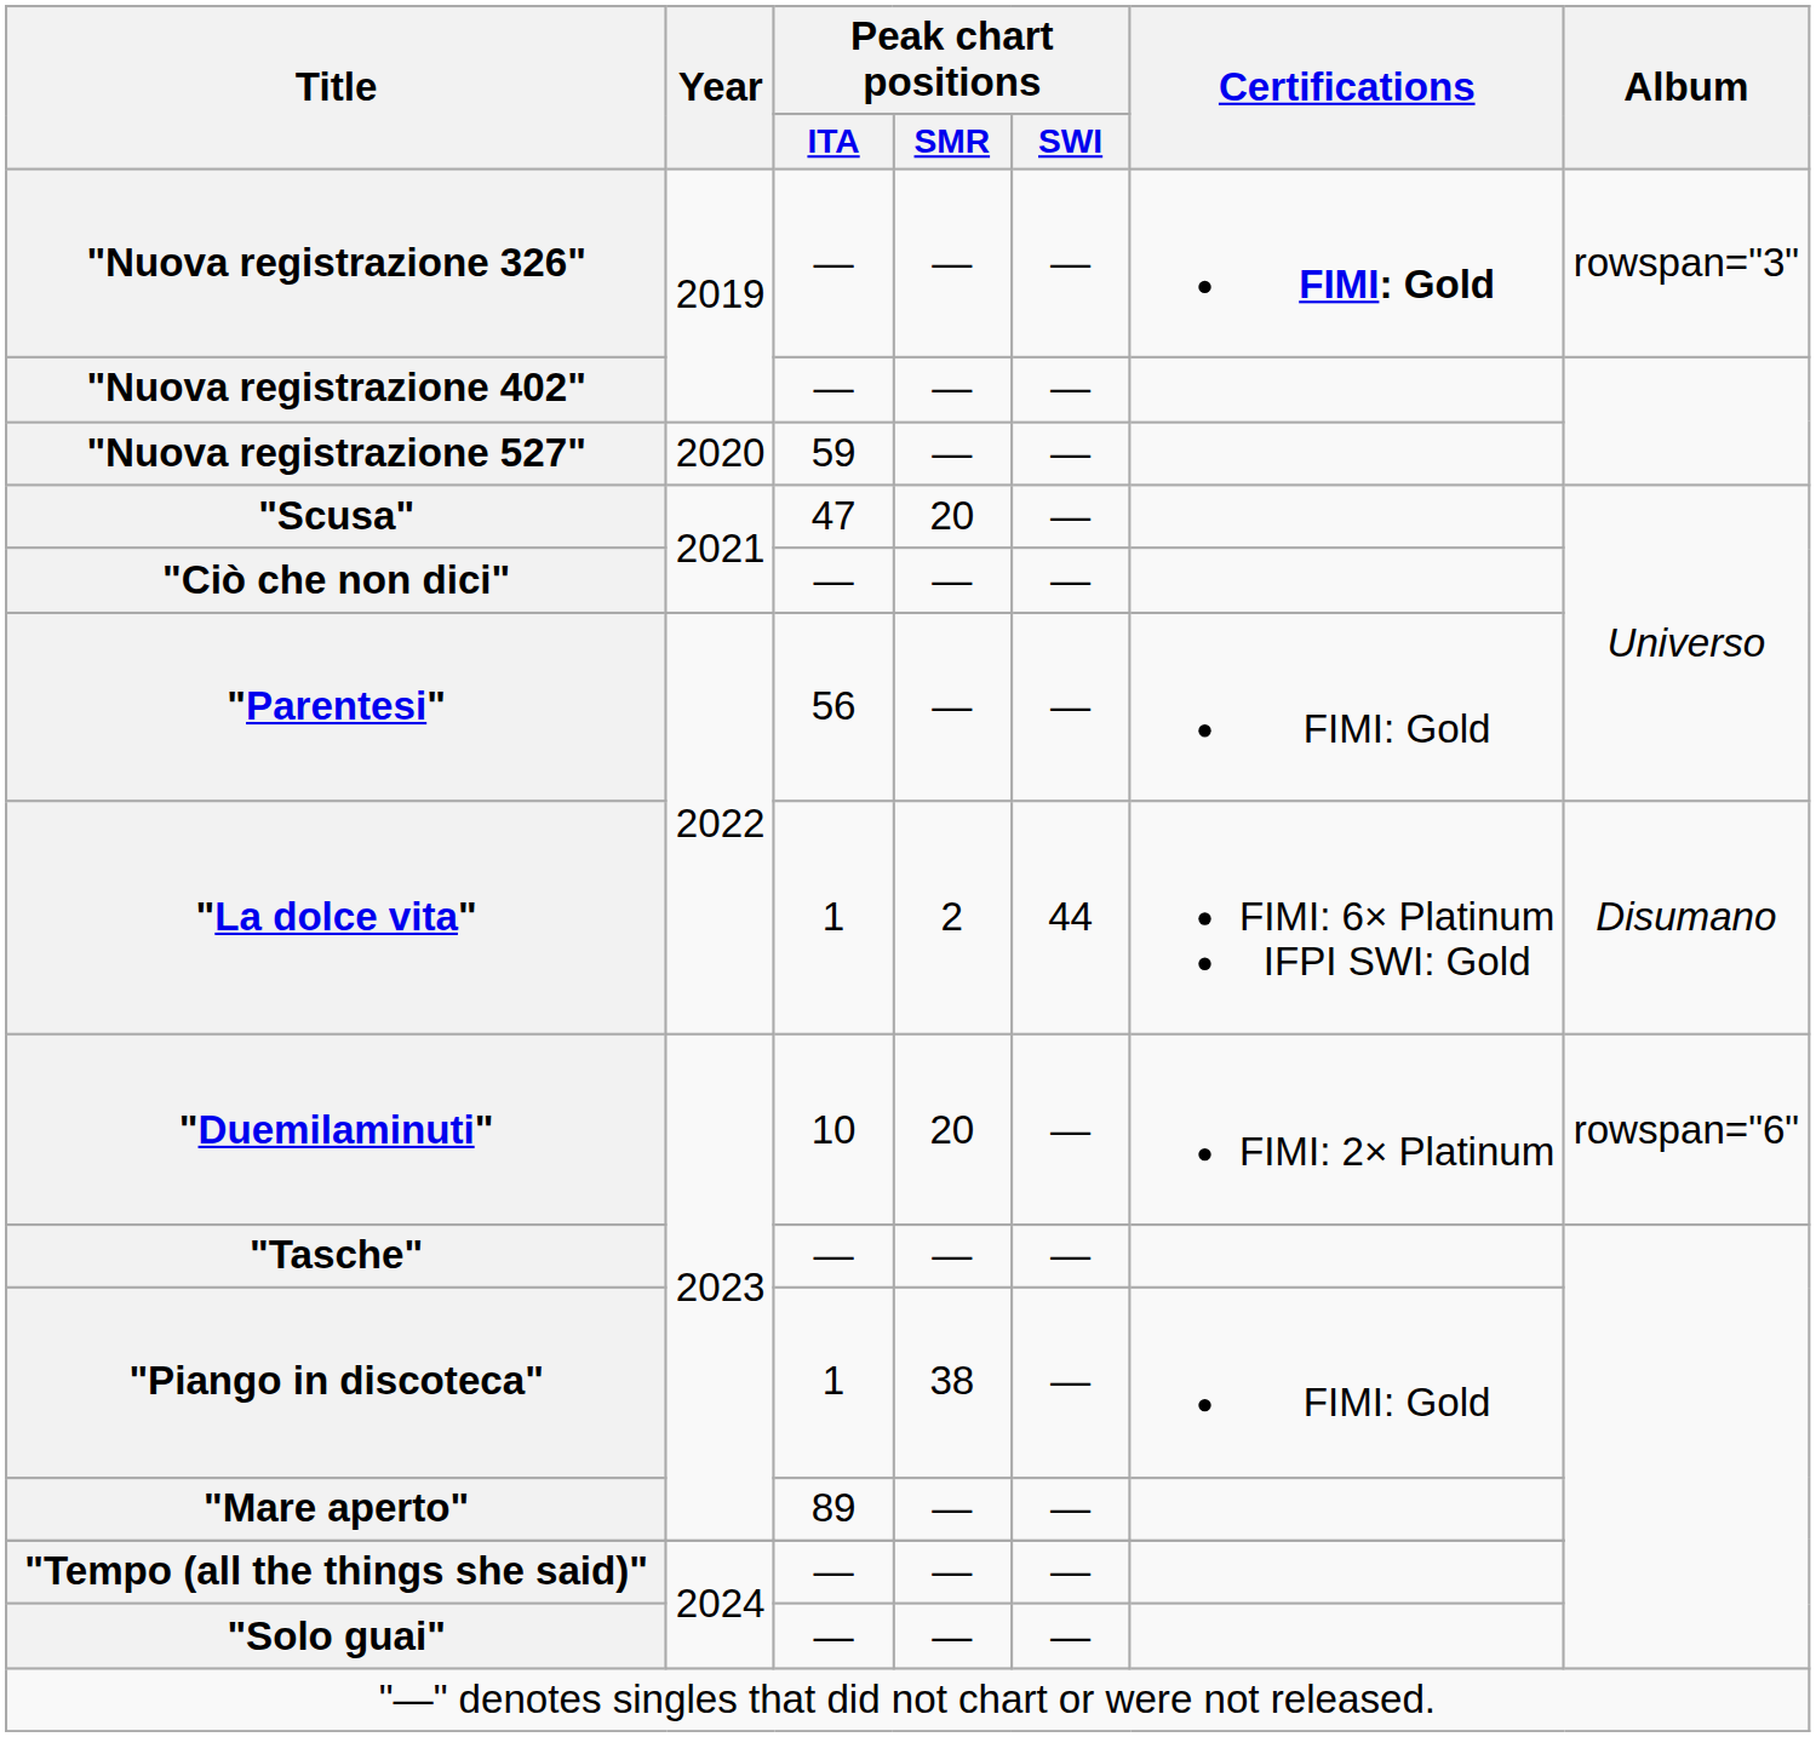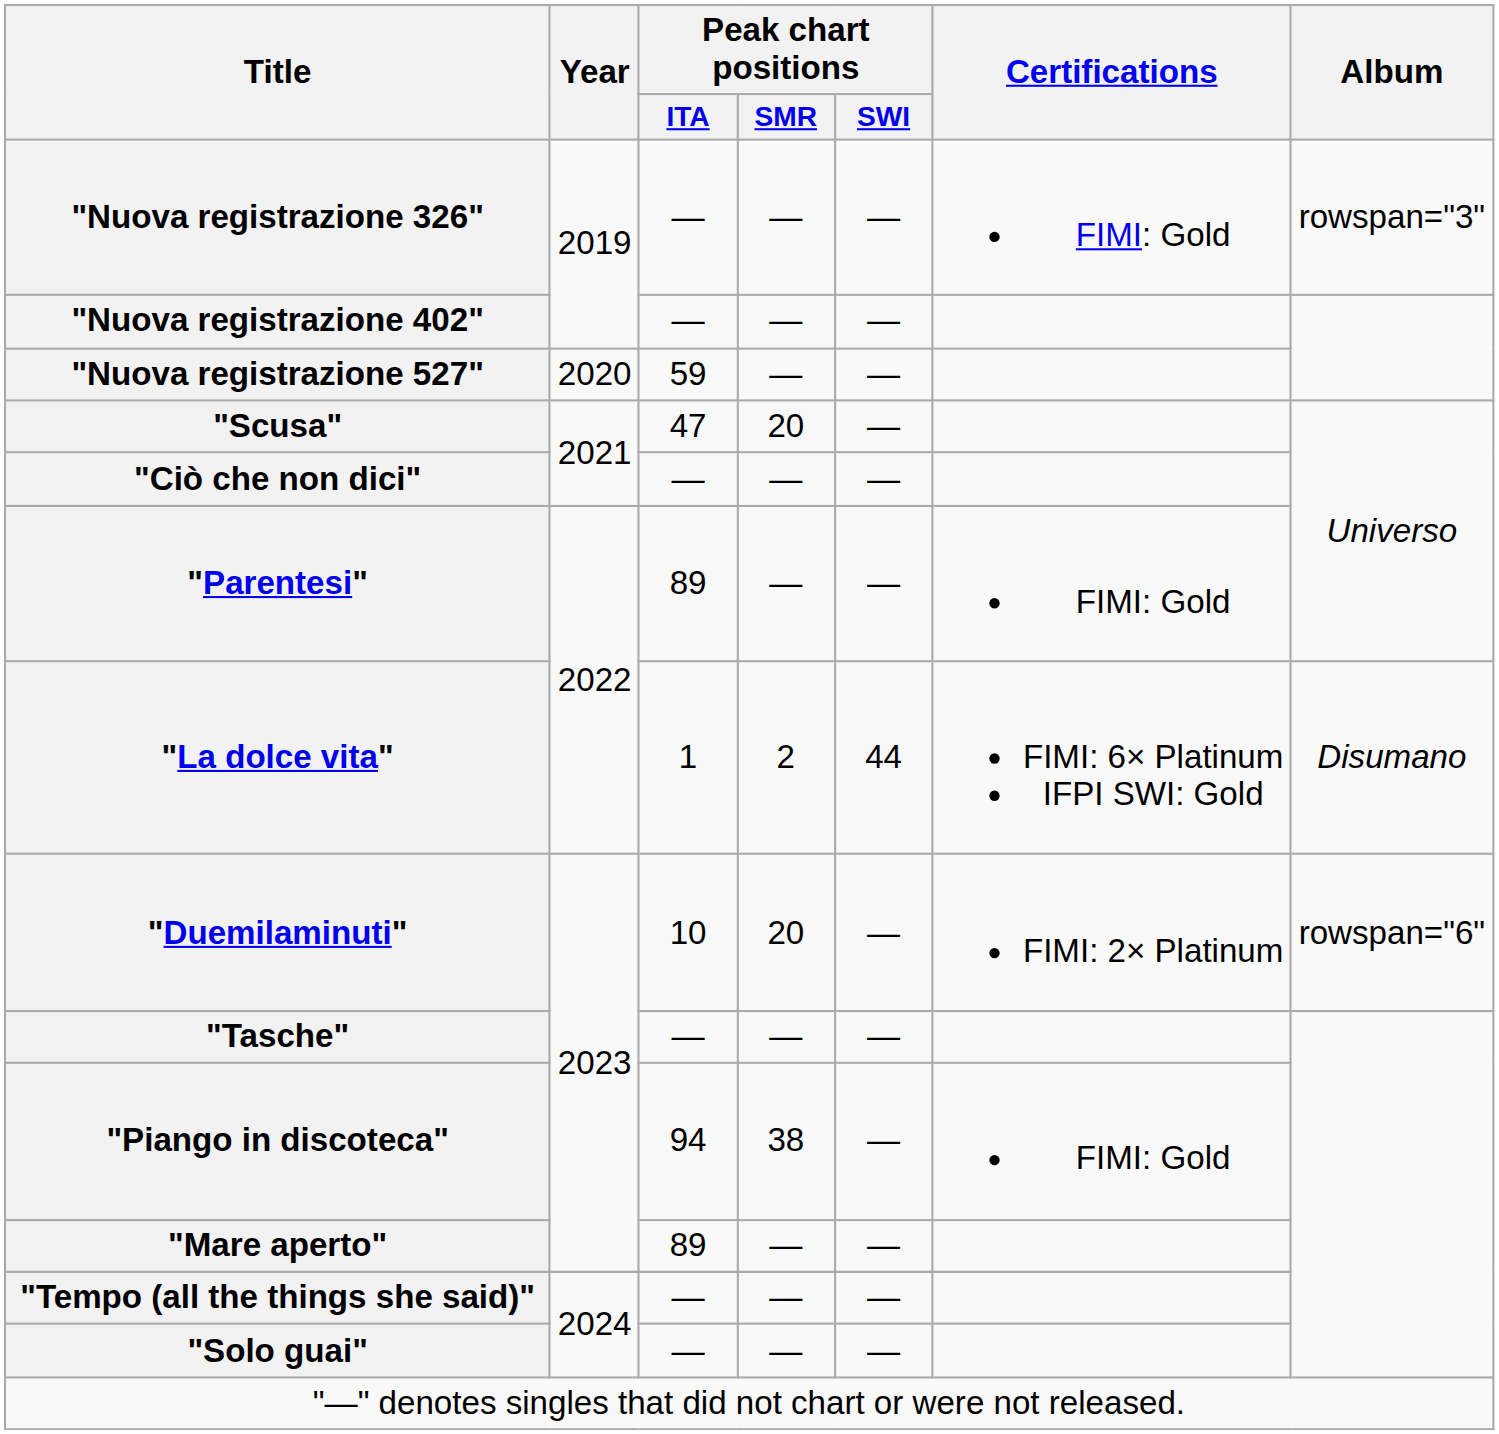 <table class="wikitable plainrowheaders" style="text-align:center;">
 <tr>
 <th scope="col" rowspan="2" style="width:16em;">Title</th>
 <th scope="col" rowspan="2" style="width:1em;">Year</th>
 <th colspan="3" scope="col">Peak chart positions</th>
 <th scope="col" rowspan="2"><a href='#'>Certifications</a></th>
 <th rowspan="2">Album</th>
 </tr>
 <tr>
 <th scope="col" style="width:3em;font-size:85%;"><a href='#'>ITA</a><br></th>
 <th scope="col" style="width:3em;font-size:85%;"><a href='#'>SMR</a><br></th>
 <th scope="col" style="width:3em;font-size:85%;"><a href='#'>SWI</a><br></th>
 </tr>
 <tr>
 <th scope="row">"Nuova registrazione 326"</th>
 <td rowspan="2">2019</td>
 <td>—</td>
 <td>—</td>
 <td>—</td>
-<td><strong><br><ul><li><a href='#'>FIMI</a>: Gold</li></ul></strong></td>
+<td><br><ul><li><a href='#'>FIMI</a>: Gold</li></ul></td>
 <td>rowspan="3" </td>
 </tr>
 <tr>
 <th scope="row">"Nuova registrazione 402"</th>
 <td>—</td>
 <td>—</td>
 <td>—</td>
 <td></td>
 </tr>
 <tr>
 <th scope="row">"Nuova registrazione 527"</th>
 <td>2020</td>
 <td>59</td>
 <td>—</td>
 <td>—</td>
 <td></td>
 </tr>
 <tr>
 <th scope="row">"Scusa"</th>
 <td rowspan="2">2021</td>
 <td>47</td>
 <td>20</td>
 <td>—</td>
 <td></td>
 <td rowspan="3"><em>Universo</em></td>
 </tr>
 <tr>
 <th scope="row">"Ciò che non dici"</th>
 <td>—</td>
 <td>—</td>
 <td>—</td>
 </tr>
 <tr>
 <th scope="row">"<a href='#'>Parentesi</a>"<br></th>
 <td rowspan="2">2022</td>
-<td>56</td>
+<td>89</td>
 <td>—</td>
 <td>—</td>
 <td><br><ul><li>FIMI: Gold</li></ul></td>
 </tr>
 <tr>
 <th scope="row">"<a href='#'>La dolce vita</a>"<br></th>
 <td>1</td>
 <td>2</td>
 <td>44</td>
 <td><br><ul><li>FIMI: 6× Platinum</li><li>IFPI SWI: Gold</li></ul></td>
 <td><em>Disumano</em></td>
 </tr>
 <tr>
 <th scope="row">"<a href='#'>Duemilaminuti</a>"</th>
 <td rowspan="4">2023</td>
 <td>10</td>
 <td>20</td>
 <td>—</td>
 <td><br><ul><li>FIMI: 2× Platinum</li></ul></td>
 <td>rowspan="6" </td>
 </tr>
 <tr>
 <th scope="row">"Tasche"</th>
 <td>—</td>
 <td>—</td>
 <td>—</td>
 <td></td>
 </tr>
 <tr>
 <th scope="row">"Piango in discoteca"</th>
-<td>1</td>
+<td>94</td>
 <td>38</td>
 <td>—</td>
 <td><br><ul><li>FIMI: Gold</li></ul></td>
 </tr>
 <tr>
 <th scope="row">"Mare aperto"</th>
 <td>89</td>
 <td>—</td>
 <td>—</td>
 <td></td>
 </tr>
 <tr>
 </tr>
 <tr>
 <th scope="row">"Tempo (all the things she said)"</th>
 <td rowspan="2">2024</td>
 <td>—</td>
 <td>—</td>
 <td>—</td>
 <td></td>
 </tr>
 <tr>
 <th scope="row">"Solo guai"</th>
 <td>—</td>
 <td>—</td>
 <td>—</td>
 <td></td>
 </tr>
 <tr>
 <td colspan="7">"—" denotes singles that did not chart or were not released.</td>
 </tr>
 </table>
